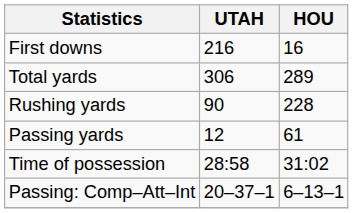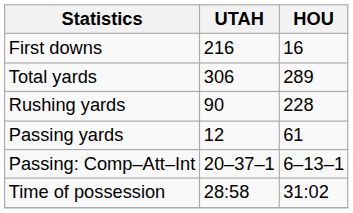 <table class="wikitable" style="float: left;">
 <tr>
 <th>Statistics</th>
 <th>UTAH</th>
 <th>HOU</th>
 </tr>
 <tr>
 <td>First downs</td>
 <td>216</td>
 <td>16</td>
 </tr>
 <tr>
 <td>Total yards</td>
 <td>306</td>
 <td>289</td>
 </tr>
 <tr>
 <td>Rushing yards</td>
 <td>90</td>
 <td>228</td>
 </tr>
 <tr>
 <td>Passing yards</td>
 <td>12</td>
 <td>61</td>
 </tr>
 <tr>
+<td>Passing: Comp–Att–Int</td>
+<td>20–37–1</td>
+<td>6–13–1</td>
+</tr>
+<tr>
 <td>Time of possession</td>
 <td>28:58</td>
 <td>31:02</td>
 </tr>
 <tr>
-<td>Passing: Comp–Att–Int</td>
-<td>20–37–1</td>
-<td>6–13–1</td>
-</tr>
-<tr>
 </tr>
 </table>
